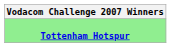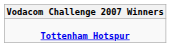 <table class="wikitable" style="text-align: center; margin: 0 auto;">
 <tr>
 <th>Vodacom Challenge 2007 Winners</th>
 </tr>
 <tr>
-<td style="background: lightgreen;"><br><strong><a href='#'>Tottenham Hotspur</a></strong></td>
+<td><br><strong><a href='#'>Tottenham Hotspur</a></strong></td>
 </tr>
 </table>
